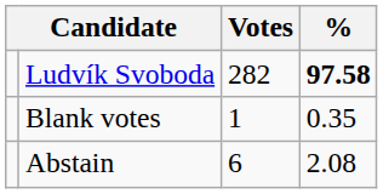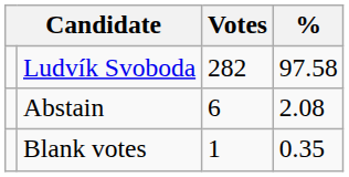 <table class="wikitable">
 <tr>
 <th colspan="2">Candidate</th>
 <th>Votes</th>
 <th>%</th>
 </tr>
 <tr>
 <td style="background-color:"></td>
 <td><a href='#'>Ludvík Svoboda</a></td>
 <td>282</td>
-<td><strong>97.58</strong></td>
+<td>97.58</td>
+</tr>
+<tr>
+<td></td>
+<td>Abstain</td>
+<td>6</td>
+<td>2.08</td>
 </tr>
 <tr>
 <td></td>
 <td>Blank votes</td>
 <td>1</td>
 <td>0.35</td>
 </tr>
-<tr>
-<td></td>
-<td>Abstain</td>
-<td>6</td>
-<td>2.08</td>
-</tr>
 </table>
